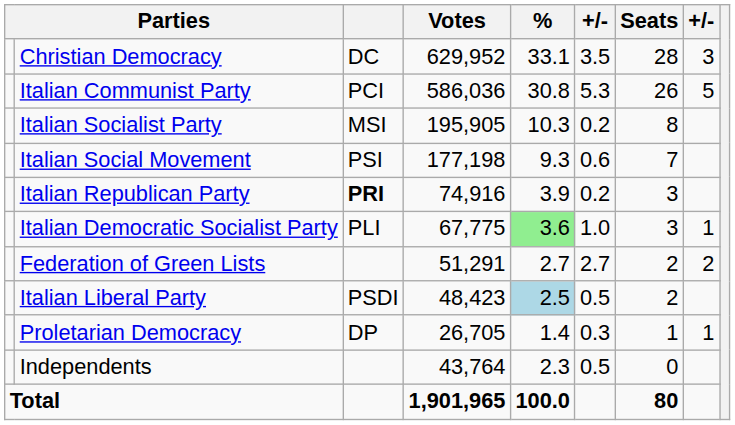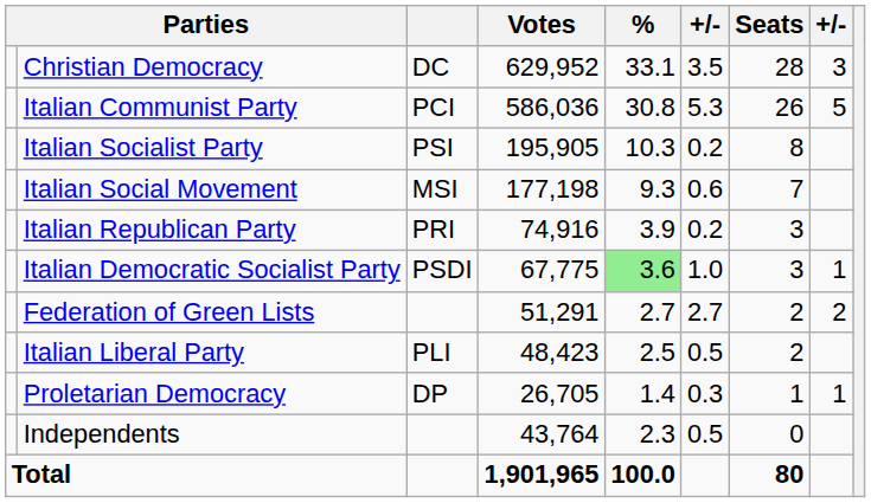 <table class="wikitable">
 <tr>
 <th colspan="2">Parties</th>
 <th></th>
 <th>Votes</th>
 <th>%</th>
 <th>+/-</th>
 <th>Seats</th>
 <th>+/-</th>
 <th rowspan="13"></th>
 </tr>
 <tr>
 <td style="background-color:"></td>
 <td><a href='#'>Christian Democracy</a></td>
 <td>DC</td>
 <td align=right>629,952</td>
 <td align=right>33.1</td>
 <td align=right> 3.5</td>
 <td align=right>28</td>
 <td align=right> 3</td>
 </tr>
 <tr>
 <td style="background-color:"></td>
 <td><a href='#'>Italian Communist Party</a></td>
 <td>PCI</td>
 <td align=right>586,036</td>
 <td align=right>30.8</td>
 <td align=right> 5.3</td>
 <td align=right>26</td>
 <td align=right> 5</td>
 </tr>
 <tr>
 <td style="background-color:"></td>
 <td><a href='#'>Italian Socialist Party</a></td>
-<td>MSI</td>
+<td>PSI</td>
 <td align=right>195,905</td>
 <td align=right>10.3</td>
 <td align=right> 0.2</td>
 <td align=right>8</td>
 <td align=right></td>
 </tr>
 <tr>
 <td style="background-color:"></td>
 <td><a href='#'>Italian Social Movement</a></td>
-<td>PSI</td>
+<td>MSI</td>
 <td align=right>177,198</td>
 <td align=right>9.3</td>
 <td align=right> 0.6</td>
 <td align=right>7</td>
 <td align=right></td>
 </tr>
 <tr>
 <td style="background-color:"></td>
 <td><a href='#'>Italian Republican Party</a></td>
-<td><strong>PRI</strong></td>
+<td>PRI</td>
 <td align=right>74,916</td>
 <td align=right>3.9</td>
 <td align=right> 0.2</td>
 <td align=right>3</td>
 <td align=right></td>
 </tr>
 <tr>
 <td style="background-color:"></td>
 <td><a href='#'>Italian Democratic Socialist Party</a></td>
-<td>PLI</td>
+<td>PSDI</td>
 <td align=right>67,775</td>
 <td align=right style="background: lightgreen;">3.6</td>
 <td align=right> 1.0</td>
 <td align=right>3</td>
 <td align=right> 1</td>
 </tr>
 <tr>
 <td style="background-color:"></td>
 <td><a href='#'>Federation of Green Lists</a></td>
 <td></td>
 <td align=right>51,291</td>
 <td align=right>2.7</td>
 <td align=right> 2.7</td>
 <td align=right>2</td>
 <td align=right> 2</td>
 </tr>
 <tr>
 <td style="background-color:"></td>
 <td><a href='#'>Italian Liberal Party</a></td>
-<td>PSDI</td>
+<td>PLI</td>
 <td align=right>48,423</td>
-<td align=right style="background: lightblue;">2.5</td>
+<td align=right>2.5</td>
 <td align=right> 0.5</td>
 <td align=right>2</td>
 <td align=right></td>
 </tr>
 <tr>
 <td style="background-color:"></td>
 <td><a href='#'>Proletarian Democracy</a></td>
 <td>DP</td>
 <td align=right>26,705</td>
 <td align=right>1.4</td>
 <td align=right> 0.3</td>
 <td align=right>1</td>
 <td align=right> 1</td>
 </tr>
 <tr>
 <td style="background-color:"></td>
 <td>Independents</td>
 <td></td>
 <td align=right>43,764</td>
 <td align=right>2.3</td>
 <td align=right> 0.5</td>
 <td align=right>0</td>
 <td align=right></td>
 </tr>
 <tr>
 <td colspan="2"><strong>Total</strong></td>
 <td></td>
 <td align=right><strong>1,901,965</strong></td>
 <td align=right><strong>100.0</strong></td>
 <td></td>
 <td align=right><strong>80</strong></td>
 <td></td>
 </tr>
 </table>
